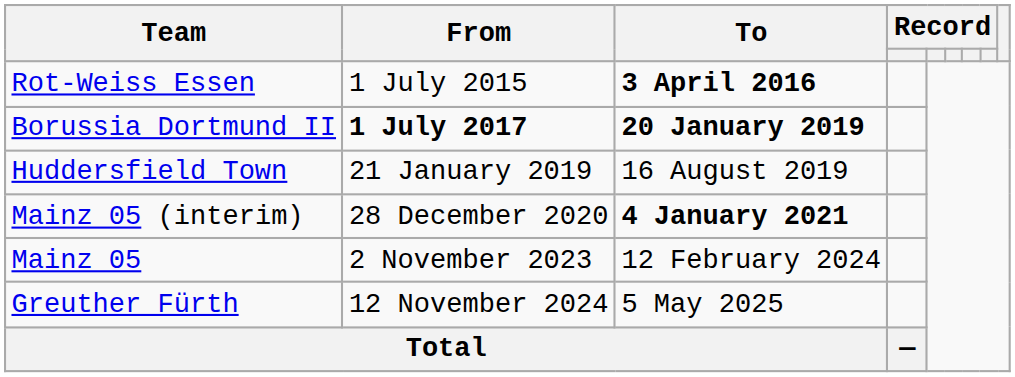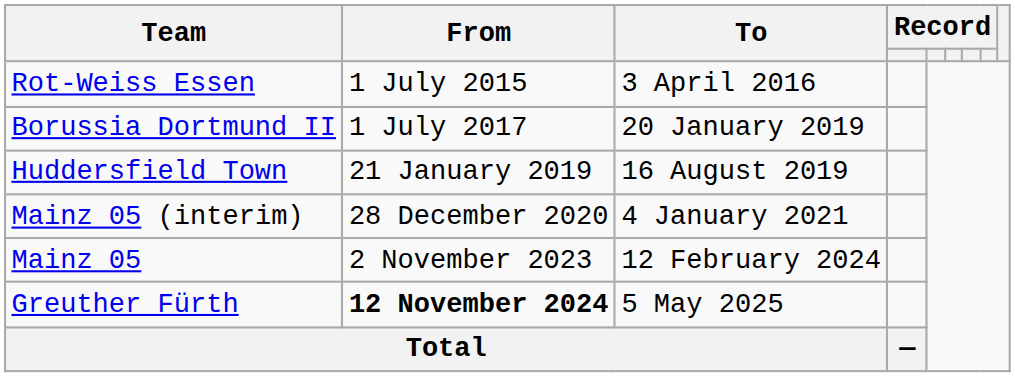 <table class=wikitable style=text-align:center>
 <tr>
 <th rowspan=2>Team</th>
 <th rowspan=2>From</th>
 <th rowspan=2>To</th>
 <th colspan=5>Record</th>
 <th rowspan=2></th>
 </tr>
 <tr>
 <th></th>
 <th></th>
 <th></th>
 <th></th>
 <th></th>
 </tr>
 <tr>
 <td align=left><a href='#'>Rot-Weiss Essen</a></td>
 <td align=left>1 July 2015</td>
-<td align=left><strong>3 April 2016<br></strong></td>
+<td align=left>3 April 2016<br></td>
 <td></td>
 </tr>
 <tr>
 <td align=left><a href='#'>Borussia Dortmund II</a></td>
-<td align=left><strong>1 July 2017</strong></td>
-<td align=left><strong>20 January 2019<br></strong></td>
+<td align=left>1 July 2017</td>
+<td align=left>20 January 2019<br></td>
 <td></td>
 </tr>
 <tr>
 <td align=left><a href='#'>Huddersfield Town</a></td>
 <td align=left>21 January 2019</td>
 <td align=left>16 August 2019<br></td>
 <td></td>
 </tr>
 <tr>
 <td align=left><a href='#'>Mainz 05</a> (interim)</td>
 <td align=left>28 December 2020</td>
-<td align=left><strong>4 January 2021<br></strong></td>
+<td align=left>4 January 2021<br></td>
 <td></td>
 </tr>
 <tr>
 <td align=left><a href='#'>Mainz 05</a></td>
 <td align=left>2 November 2023</td>
 <td align=left>12 February 2024<br></td>
 <td></td>
 </tr>
 <tr>
 <td align=left><a href='#'>Greuther Fürth</a></td>
-<td align=left>12 November 2024</td>
+<td align=left><strong>12 November 2024</strong></td>
 <td align=left>5 May 2025<br></td>
 <td></td>
 </tr>
 <tr>
 <th colspan=3>Total<br></th>
 <th>—</th>
 </tr>
 </table>
